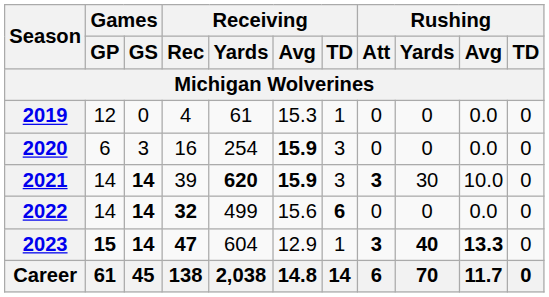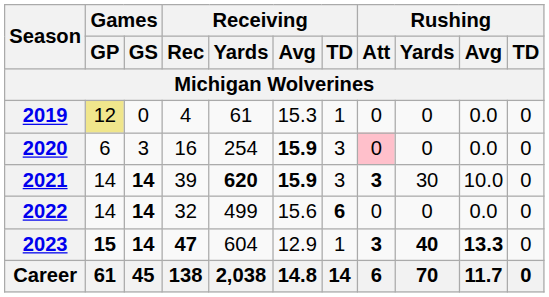 <table class="wikitable" style="text-align:center;">
 <tr>
 <th rowspan="2">Season</th>
 <th colspan="2">Games</th>
 <th colspan="4">Receiving</th>
 <th colspan="4">Rushing</th>
 </tr>
 <tr>
 <th>GP</th>
 <th>GS</th>
 <th>Rec</th>
 <th>Yards</th>
 <th>Avg</th>
 <th>TD</th>
 <th>Att</th>
 <th>Yards</th>
 <th>Avg</th>
 <th>TD</th>
 </tr>
 <tr>
 <th colspan="12">Michigan Wolverines</th>
 </tr>
 <tr>
 <th><a href='#'>2019</a></th>
-<td>12</td>
+<td style="background: khaki;">12</td>
 <td>0</td>
 <td>4</td>
 <td>61</td>
 <td>15.3</td>
 <td>1</td>
 <td>0</td>
 <td>0</td>
 <td>0.0</td>
 <td>0</td>
 </tr>
 <tr>
 <th><a href='#'>2020</a></th>
 <td>6</td>
 <td>3</td>
 <td>16</td>
 <td>254</td>
 <td><strong>15.9</strong></td>
 <td>3</td>
-<td>0</td>
+<td style="background: pink;">0</td>
 <td>0</td>
 <td>0.0</td>
 <td>0</td>
 </tr>
 <tr>
 <th><a href='#'>2021</a></th>
 <td>14</td>
 <td><strong>14</strong></td>
 <td>39</td>
 <td><strong>620</strong></td>
 <td><strong>15.9</strong></td>
 <td>3</td>
 <td><strong>3</strong></td>
 <td>30</td>
 <td>10.0</td>
 <td>0</td>
 </tr>
 <tr>
 <th><a href='#'>2022</a></th>
 <td>14</td>
 <td><strong>14</strong></td>
-<td><strong>32</strong></td>
+<td>32</td>
 <td>499</td>
 <td>15.6</td>
 <td><strong>6</strong></td>
 <td>0</td>
 <td>0</td>
 <td>0.0</td>
 <td>0</td>
 </tr>
 <tr>
 <th><a href='#'>2023</a></th>
 <td><strong>15</strong></td>
 <td><strong>14</strong></td>
 <td><strong>47</strong></td>
 <td>604</td>
 <td>12.9</td>
 <td>1</td>
 <td><strong>3</strong></td>
 <td><strong>40</strong></td>
 <td><strong>13.3</strong></td>
 <td>0</td>
 </tr>
 <tr>
 <th>Career</th>
 <th>61</th>
 <th>45</th>
 <th>138</th>
 <th>2,038</th>
 <th>14.8</th>
 <th>14</th>
 <th>6</th>
 <th>70</th>
 <th>11.7</th>
 <th>0</th>
 </tr>
 </table>
